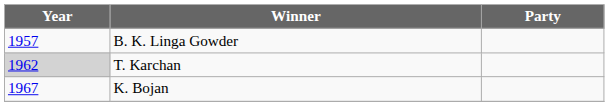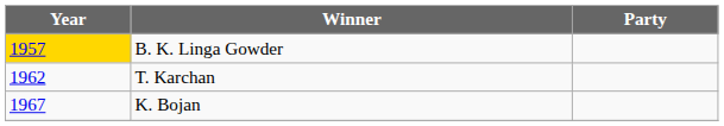 <table class="wikitable" width="50%">
 <tr>
 <th style="background-color:#666666; color:white">Year</th>
 <th style="background-color:#666666; color:white">Winner</th>
 <th style="background-color:#666666; color:white" colspan="2">Party</th>
 </tr>
 <tr>
-<td><a href='#'>1957</a></td>
+<td style="background: gold;"><a href='#'>1957</a></td>
 <td>B. K. Linga Gowder</td>
 <td></td>
 </tr>
 <tr>
-<td style="background: lightgrey;"><a href='#'>1962</a></td>
+<td><a href='#'>1962</a></td>
 <td>T. Karchan</td>
 </tr>
 <tr>
 <td><a href='#'>1967</a></td>
 <td>K. Bojan</td>
 <td></td>
 </tr>
 <tr>
 </tr>
 </table>
